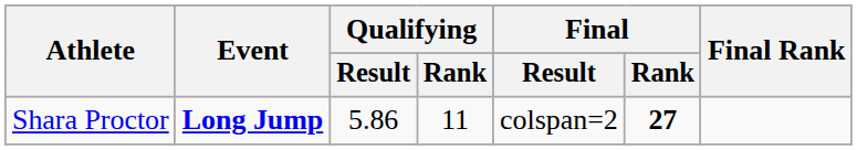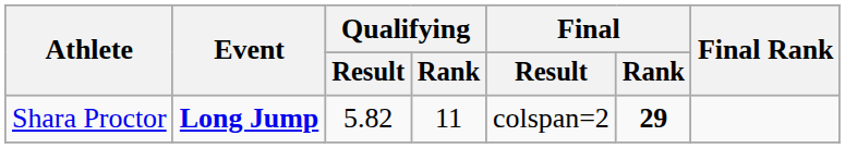 <table class="wikitable" style="font-size:90%">
 <tr>
 <th rowspan="2">Athlete</th>
 <th rowspan="2">Event</th>
 <th colspan="2">Qualifying</th>
 <th colspan="2">Final</th>
 <th colspan="2" rowspan="2">Final Rank</th>
 </tr>
 <tr style="font-size:95%">
 <th>Result</th>
 <th>Rank</th>
 <th>Result</th>
 <th>Rank</th>
 </tr>
 <tr align=center>
 <td align=left><a href='#'>Shara Proctor</a></td>
 <td align=left><strong><a href='#'>Long Jump</a></strong></td>
-<td>5.86</td>
+<td>5.82</td>
 <td>11</td>
 <td>colspan=2 </td>
-<td><strong>27</strong></td>
+<td><strong>29</strong></td>
 </tr>
 </table>
